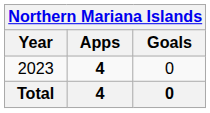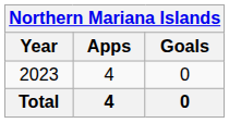 <table class="wikitable" style="text-align:center">
 <tr>
 <th colspan=3><a href='#'>Northern Mariana Islands</a></th>
 </tr>
 <tr>
 <th>Year</th>
 <th>Apps</th>
 <th>Goals</th>
 </tr>
 <tr>
 <td>2023</td>
-<td><strong>4</strong></td>
+<td>4</td>
 <td>0</td>
 </tr>
 <tr>
 <th>Total</th>
 <th>4</th>
 <th>0</th>
 </tr>
 </table>
